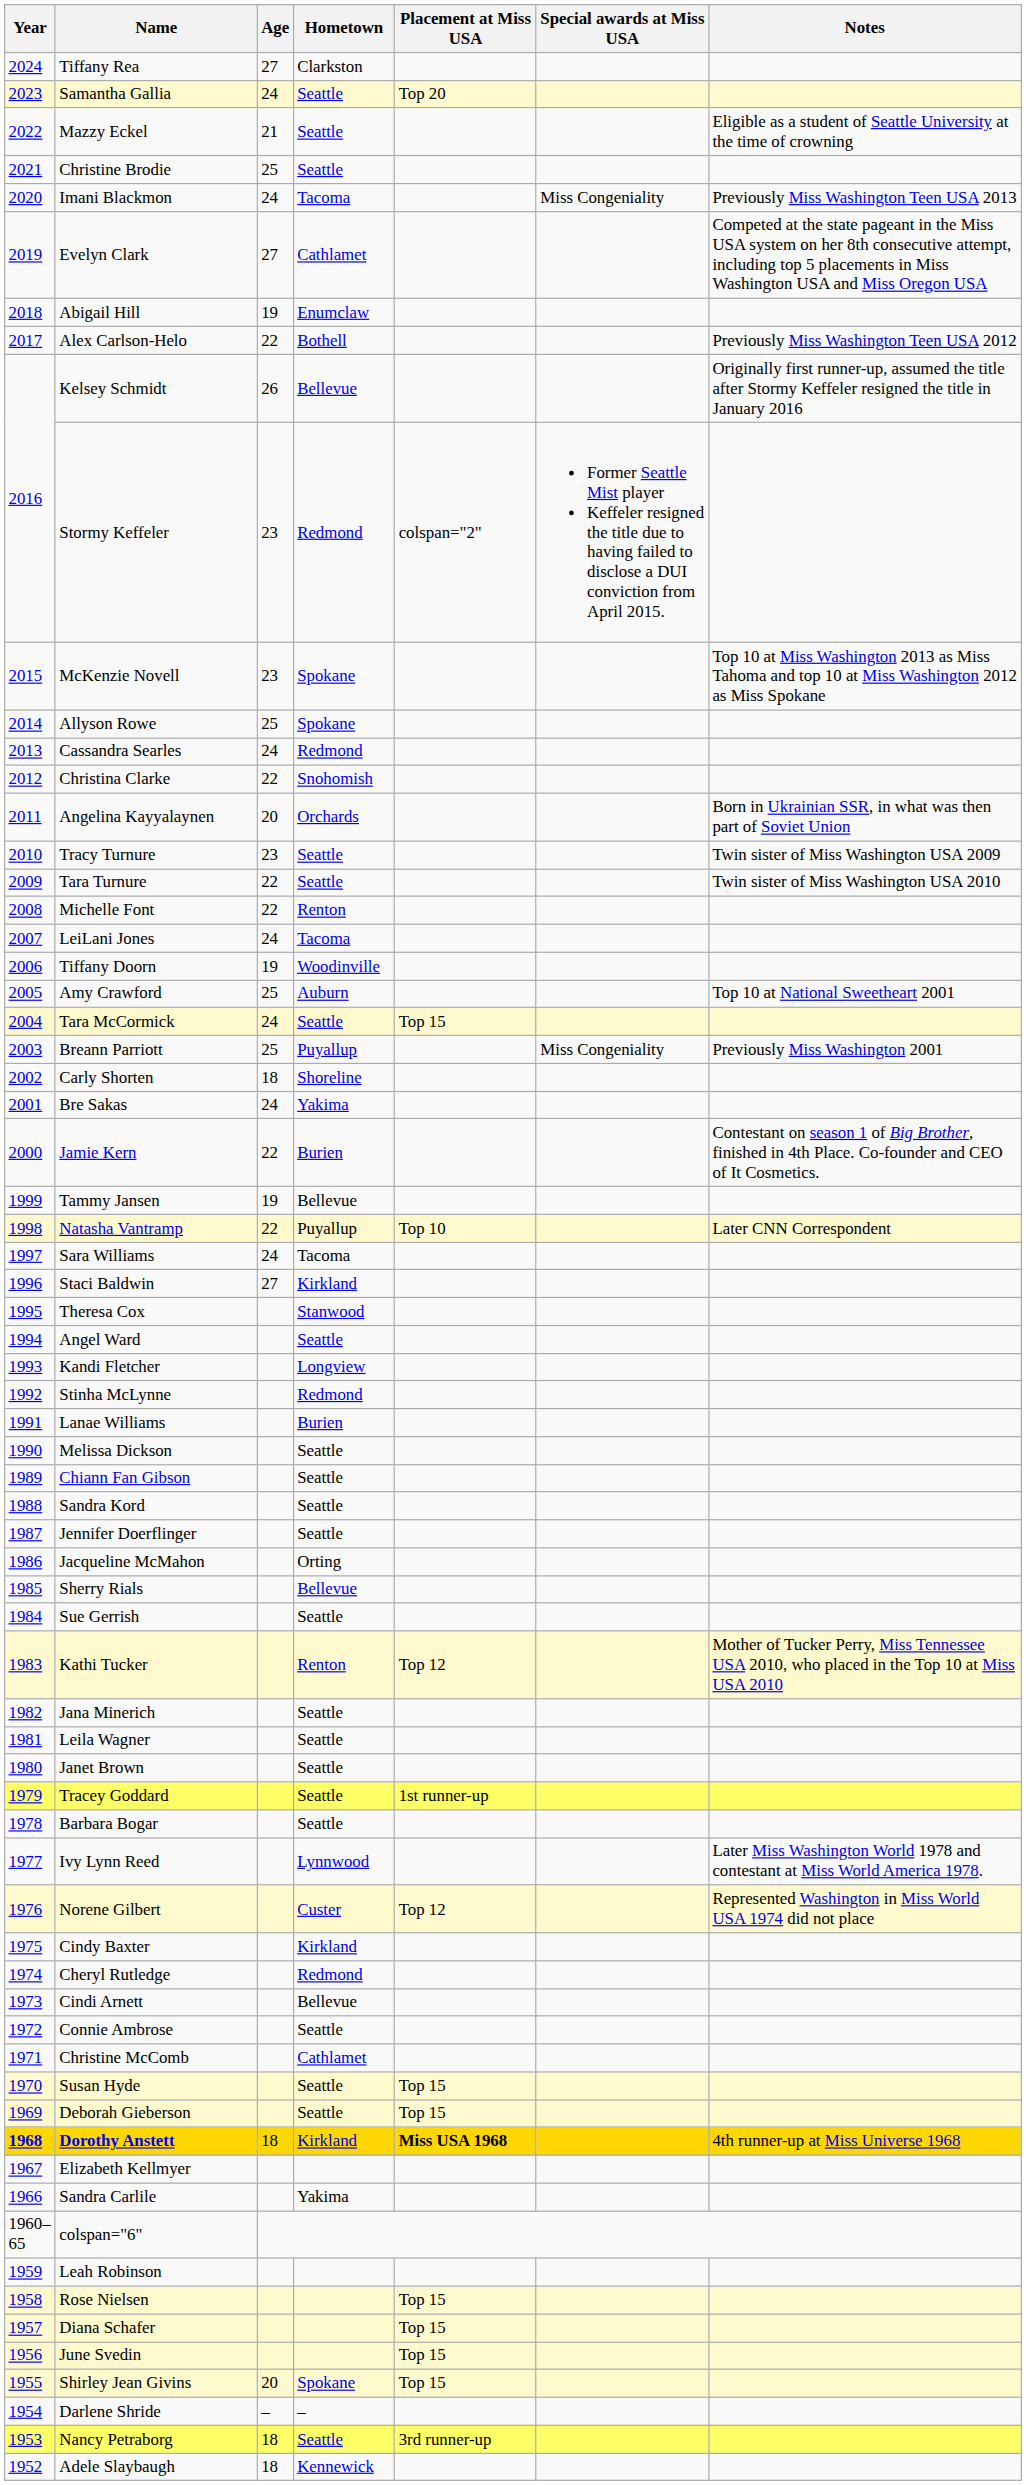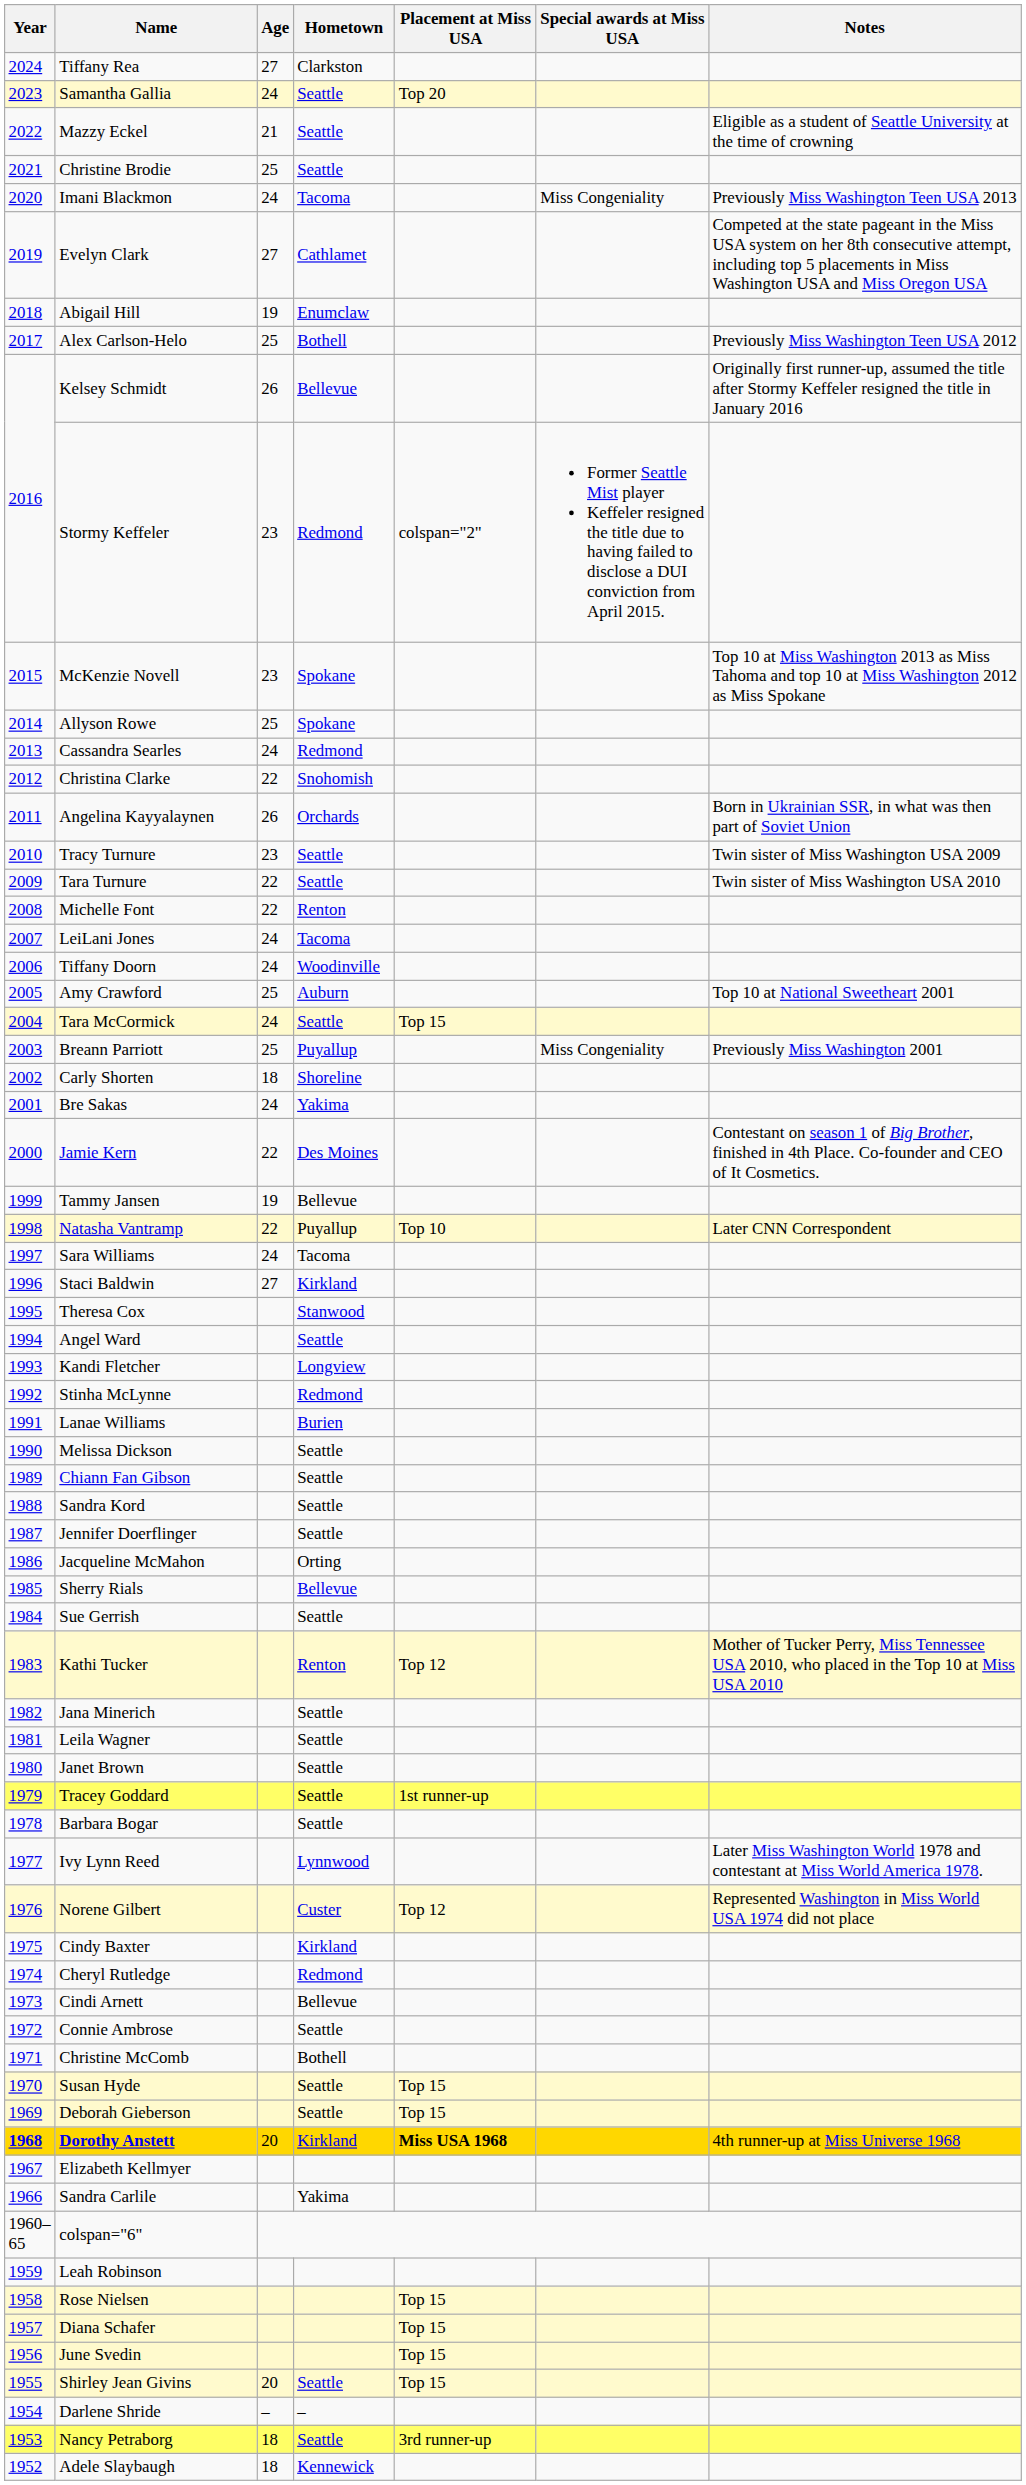 <table class="wikitable sortable"  style="font-size:90%;">
 <tr bgcolor="#efefef">
 <th width=5%>Year</th>
 <th width=20%>Name</th>
 <th width="3%">Age</th>
 <th width="10%">Hometown</th>
 <th width=14%>Placement at Miss USA</th>
 <th width=17%>Special awards at Miss USA</th>
 <th width=31%>Notes</th>
 </tr>
 <tr>
 <td><a href='#'>2024</a></td>
 <td>Tiffany Rea</td>
 <td>27</td>
 <td>Clarkston</td>
 <td></td>
 <td></td>
 <td></td>
 </tr>
 <tr style="background-color:#FFFACD;">
 <td><a href='#'>2023</a></td>
 <td>Samantha Gallia</td>
 <td>24</td>
 <td><a href='#'>Seattle</a></td>
 <td>Top 20</td>
 <td></td>
 <td></td>
 </tr>
 <tr>
 <td><a href='#'>2022</a></td>
 <td>Mazzy Eckel</td>
 <td>21</td>
 <td><a href='#'>Seattle</a></td>
 <td></td>
 <td></td>
 <td>Eligible as a student of <a href='#'>Seattle University</a> at the time of crowning</td>
 </tr>
 <tr>
 <td><a href='#'>2021</a></td>
 <td>Christine Brodie</td>
 <td>25</td>
 <td><a href='#'>Seattle</a></td>
 <td></td>
 <td></td>
 <td></td>
 </tr>
 <tr>
 <td><a href='#'>2020</a></td>
 <td>Imani Blackmon</td>
 <td>24</td>
 <td><a href='#'>Tacoma</a></td>
 <td></td>
 <td>Miss Congeniality</td>
 <td>Previously <a href='#'>Miss Washington Teen USA</a> 2013</td>
 </tr>
 <tr>
 <td><a href='#'>2019</a></td>
 <td>Evelyn Clark</td>
 <td>27</td>
 <td><a href='#'>Cathlamet</a></td>
 <td></td>
 <td></td>
 <td>Competed at the state pageant in the Miss USA system on her 8th consecutive attempt, including top 5 placements in Miss Washington USA and <a href='#'>Miss Oregon USA</a></td>
 </tr>
 <tr>
 <td><a href='#'>2018</a></td>
 <td>Abigail Hill</td>
 <td>19</td>
 <td><a href='#'>Enumclaw</a></td>
 <td></td>
 <td></td>
 <td></td>
 </tr>
 <tr>
 <td><a href='#'>2017</a></td>
 <td>Alex Carlson-Helo</td>
-<td>22</td>
+<td>25</td>
 <td><a href='#'>Bothell</a></td>
 <td></td>
 <td></td>
 <td>Previously <a href='#'>Miss Washington Teen USA</a> 2012</td>
 </tr>
 <tr>
 <td rowspan="2"><a href='#'>2016</a></td>
 <td>Kelsey Schmidt</td>
 <td>26</td>
 <td><a href='#'>Bellevue</a></td>
 <td></td>
 <td></td>
 <td>Originally first runner-up, assumed the title after Stormy Keffeler resigned the title in January 2016</td>
 </tr>
 <tr>
 <td>Stormy Keffeler</td>
 <td>23</td>
 <td><a href='#'>Redmond</a></td>
 <td>colspan="2" </td>
 <td><br><ul><li>Former <a href='#'>Seattle Mist</a> player</li><li>Keffeler resigned the title due to having failed to disclose a DUI conviction from April 2015.</li></ul></td>
 </tr>
 <tr>
 <td><a href='#'>2015</a></td>
 <td>McKenzie Novell</td>
 <td>23</td>
 <td><a href='#'>Spokane</a></td>
 <td></td>
 <td></td>
 <td>Top 10 at <a href='#'>Miss Washington</a> 2013 as Miss Tahoma and top 10 at <a href='#'>Miss Washington</a> 2012 as Miss Spokane</td>
 </tr>
 <tr>
 <td><a href='#'>2014</a></td>
 <td>Allyson Rowe</td>
 <td>25</td>
 <td><a href='#'>Spokane</a></td>
 <td></td>
 <td></td>
 <td></td>
 </tr>
 <tr>
 <td><a href='#'>2013</a></td>
 <td>Cassandra Searles</td>
 <td>24</td>
 <td><a href='#'>Redmond</a></td>
 <td></td>
 <td></td>
 <td></td>
 </tr>
 <tr>
 <td><a href='#'>2012</a></td>
 <td>Christina Clarke</td>
 <td>22</td>
 <td><a href='#'>Snohomish</a></td>
 <td></td>
 <td></td>
 <td></td>
 </tr>
 <tr>
 <td><a href='#'>2011</a></td>
 <td>Angelina Kayyalaynen</td>
-<td>20</td>
+<td>26</td>
 <td><a href='#'>Orchards</a></td>
 <td></td>
 <td></td>
 <td>Born in <a href='#'>Ukrainian SSR</a>, in what was then part of <a href='#'>Soviet Union</a></td>
 </tr>
 <tr>
 <td><a href='#'>2010</a></td>
 <td>Tracy Turnure</td>
 <td>23</td>
 <td><a href='#'>Seattle</a></td>
 <td></td>
 <td></td>
 <td>Twin sister of Miss Washington USA 2009</td>
 </tr>
 <tr>
 <td><a href='#'>2009</a></td>
 <td>Tara Turnure</td>
 <td>22</td>
 <td><a href='#'>Seattle</a></td>
 <td></td>
 <td></td>
 <td>Twin sister of Miss Washington USA 2010</td>
 </tr>
 <tr>
 <td><a href='#'>2008</a></td>
 <td>Michelle Font</td>
 <td>22</td>
 <td><a href='#'>Renton</a></td>
 <td></td>
 <td></td>
 <td></td>
 </tr>
 <tr>
 <td><a href='#'>2007</a></td>
 <td>LeiLani Jones</td>
 <td>24</td>
 <td><a href='#'>Tacoma</a></td>
 <td></td>
 <td></td>
 <td></td>
 </tr>
 <tr>
 <td><a href='#'>2006</a></td>
 <td>Tiffany Doorn</td>
-<td>19</td>
+<td>24</td>
 <td><a href='#'>Woodinville</a></td>
 <td></td>
 <td></td>
 <td></td>
 </tr>
 <tr>
 <td><a href='#'>2005</a></td>
 <td>Amy Crawford</td>
 <td>25</td>
 <td><a href='#'>Auburn</a></td>
 <td></td>
 <td></td>
 <td>Top 10 at <a href='#'>National Sweetheart</a> 2001</td>
 </tr>
 <tr style="background-color:#FFFACD;">
 <td><a href='#'>2004</a></td>
 <td>Tara McCormick</td>
 <td>24</td>
 <td><a href='#'>Seattle</a></td>
 <td>Top 15</td>
 <td></td>
 <td></td>
 </tr>
 <tr>
 <td><a href='#'>2003</a></td>
 <td>Breann Parriott</td>
 <td>25</td>
 <td><a href='#'>Puyallup</a></td>
 <td></td>
 <td>Miss Congeniality</td>
 <td>Previously <a href='#'>Miss Washington</a> 2001</td>
 </tr>
 <tr>
 <td><a href='#'>2002</a></td>
 <td>Carly Shorten</td>
 <td>18</td>
 <td><a href='#'>Shoreline</a></td>
 <td></td>
 <td></td>
 <td></td>
 </tr>
 <tr>
 <td><a href='#'>2001</a></td>
 <td>Bre Sakas</td>
 <td>24</td>
 <td><a href='#'>Yakima</a></td>
 <td></td>
 <td></td>
 <td></td>
 </tr>
 <tr>
 <td><a href='#'>2000</a></td>
 <td><a href='#'>Jamie Kern</a></td>
 <td>22</td>
-<td><a href='#'>Burien</a></td>
+<td><a href='#'>Des Moines</a></td>
 <td></td>
 <td></td>
 <td>Contestant on <a href='#'>season 1</a> of <em><a href='#'>Big Brother</a></em>, finished in 4th Place. Co-founder and CEO of It Cosmetics.</td>
 </tr>
 <tr>
 <td><a href='#'>1999</a></td>
 <td>Tammy Jansen</td>
 <td>19</td>
 <td>Bellevue</td>
 <td></td>
 <td></td>
 <td></td>
 </tr>
 <tr style="background-color:#FFFACD;">
 <td><a href='#'>1998</a></td>
 <td><a href='#'>Natasha Vantramp</a></td>
 <td>22</td>
 <td>Puyallup</td>
 <td>Top 10</td>
 <td></td>
 <td>Later CNN Correspondent</td>
 </tr>
 <tr>
 <td><a href='#'>1997</a></td>
 <td>Sara Williams</td>
 <td>24</td>
 <td>Tacoma</td>
 <td></td>
 <td></td>
 <td></td>
 </tr>
 <tr>
 <td><a href='#'>1996</a></td>
 <td>Staci Baldwin</td>
 <td>27</td>
 <td><a href='#'>Kirkland</a></td>
 <td></td>
 <td></td>
 <td></td>
 </tr>
 <tr>
 <td><a href='#'>1995</a></td>
 <td>Theresa Cox</td>
 <td></td>
 <td><a href='#'>Stanwood</a></td>
 <td></td>
 <td></td>
 <td></td>
 </tr>
 <tr>
 <td><a href='#'>1994</a></td>
 <td>Angel Ward</td>
 <td></td>
 <td><a href='#'>Seattle</a></td>
 <td></td>
 <td></td>
 <td></td>
 </tr>
 <tr>
 <td><a href='#'>1993</a></td>
 <td>Kandi Fletcher</td>
 <td></td>
 <td><a href='#'>Longview</a></td>
 <td></td>
 <td></td>
 <td></td>
 </tr>
 <tr>
 <td><a href='#'>1992</a></td>
 <td>Stinha McLynne</td>
 <td></td>
 <td><a href='#'>Redmond</a></td>
 <td></td>
 <td></td>
 <td></td>
 </tr>
 <tr>
 <td><a href='#'>1991</a></td>
 <td>Lanae Williams</td>
 <td></td>
 <td><a href='#'>Burien</a></td>
 <td></td>
 <td></td>
 <td></td>
 </tr>
 <tr>
 <td><a href='#'>1990</a></td>
 <td>Melissa Dickson</td>
 <td></td>
 <td>Seattle</td>
 <td></td>
 <td></td>
 <td></td>
 </tr>
 <tr>
 <td><a href='#'>1989</a></td>
 <td><a href='#'>Chiann Fan Gibson</a></td>
 <td></td>
 <td>Seattle</td>
 <td></td>
 <td></td>
 <td></td>
 </tr>
 <tr>
 <td><a href='#'>1988</a></td>
 <td>Sandra Kord</td>
 <td></td>
 <td>Seattle</td>
 <td></td>
 <td></td>
 <td></td>
 </tr>
 <tr>
 <td><a href='#'>1987</a></td>
 <td>Jennifer Doerflinger</td>
 <td></td>
 <td>Seattle</td>
 <td></td>
 <td></td>
 <td></td>
 </tr>
 <tr>
 <td><a href='#'>1986</a></td>
 <td>Jacqueline McMahon</td>
 <td></td>
 <td>Orting</td>
 <td></td>
 <td></td>
 <td></td>
 </tr>
 <tr>
 <td><a href='#'>1985</a></td>
 <td>Sherry Rials</td>
 <td></td>
 <td><a href='#'>Bellevue</a></td>
 <td></td>
 <td></td>
 <td></td>
 </tr>
 <tr>
 <td><a href='#'>1984</a></td>
 <td>Sue Gerrish</td>
 <td></td>
 <td>Seattle</td>
 <td></td>
 <td></td>
 <td></td>
 </tr>
 <tr style="background-color:#FFFACD;">
 <td><a href='#'>1983</a></td>
 <td>Kathi Tucker</td>
 <td></td>
 <td><a href='#'>Renton</a></td>
 <td>Top 12</td>
 <td></td>
 <td>Mother of Tucker Perry, <a href='#'>Miss Tennessee USA</a> 2010, who placed in the Top 10 at <a href='#'>Miss USA 2010</a></td>
 </tr>
 <tr>
 <td><a href='#'>1982</a></td>
 <td>Jana Minerich</td>
 <td></td>
 <td>Seattle</td>
 <td></td>
 <td></td>
 <td></td>
 </tr>
 <tr>
 <td><a href='#'>1981</a></td>
 <td>Leila Wagner</td>
 <td></td>
 <td>Seattle</td>
 <td></td>
 <td></td>
 <td></td>
 </tr>
 <tr>
 <td><a href='#'>1980</a></td>
 <td>Janet Brown</td>
 <td></td>
 <td>Seattle</td>
 <td></td>
 <td></td>
 <td></td>
 </tr>
 <tr style="background-color:#FFFF66;">
 <td><a href='#'>1979</a></td>
 <td>Tracey Goddard</td>
 <td></td>
 <td>Seattle</td>
 <td>1st runner-up</td>
 <td></td>
 <td></td>
 </tr>
 <tr>
 <td><a href='#'>1978</a></td>
 <td>Barbara Bogar</td>
 <td></td>
 <td>Seattle</td>
 <td></td>
 <td></td>
 <td></td>
 </tr>
 <tr>
 <td><a href='#'>1977</a></td>
 <td>Ivy Lynn Reed</td>
 <td></td>
 <td><a href='#'>Lynnwood</a></td>
 <td></td>
 <td></td>
 <td>Later <a href='#'>Miss Washington World</a> 1978 and contestant at <a href='#'>Miss World America 1978</a>.</td>
 </tr>
 <tr style="background-color:#FFFACD;">
 <td><a href='#'>1976</a></td>
 <td>Norene Gilbert</td>
 <td></td>
 <td><a href='#'>Custer</a></td>
 <td>Top 12</td>
 <td></td>
 <td>Represented <a href='#'>Washington</a> in <a href='#'>Miss World USA 1974</a> did not place</td>
 </tr>
 <tr>
 <td><a href='#'>1975</a></td>
 <td>Cindy Baxter</td>
 <td></td>
 <td><a href='#'>Kirkland</a></td>
 <td></td>
 <td></td>
 <td></td>
 </tr>
 <tr>
 <td><a href='#'>1974</a></td>
 <td>Cheryl Rutledge</td>
 <td></td>
 <td><a href='#'>Redmond</a></td>
 <td></td>
 <td></td>
 <td></td>
 </tr>
 <tr>
 <td><a href='#'>1973</a></td>
 <td>Cindi Arnett</td>
 <td></td>
 <td>Bellevue</td>
 <td></td>
 <td></td>
 <td></td>
 </tr>
 <tr>
 <td><a href='#'>1972</a></td>
 <td>Connie Ambrose</td>
 <td></td>
 <td>Seattle</td>
 <td></td>
 <td></td>
 <td></td>
 </tr>
 <tr>
 <td><a href='#'>1971</a></td>
 <td>Christine McComb</td>
 <td></td>
-<td><a href='#'>Cathlamet</a></td>
+<td>Bothell</td>
 <td></td>
 <td></td>
 <td></td>
 </tr>
 <tr style="background-color:#FFFACD;">
 <td><a href='#'>1970</a></td>
 <td>Susan Hyde</td>
 <td></td>
 <td>Seattle</td>
 <td>Top 15</td>
 <td></td>
 <td></td>
 </tr>
 <tr style="background-color:#FFFACD;">
 <td><a href='#'>1969</a></td>
 <td>Deborah Gieberson</td>
 <td></td>
 <td>Seattle</td>
 <td>Top 15</td>
 <td></td>
 <td></td>
 </tr>
 <tr style="background-color:gold;">
 <td><strong><a href='#'>1968</a></strong></td>
 <td><strong><a href='#'>Dorothy Anstett</a></strong></td>
-<td>18</td>
+<td>20</td>
 <td><a href='#'>Kirkland</a></td>
 <td><strong>Miss USA 1968</strong></td>
 <td></td>
 <td>4th runner-up at <a href='#'>Miss Universe 1968</a></td>
 </tr>
 <tr>
 <td><a href='#'>1967</a></td>
 <td>Elizabeth Kellmyer</td>
 <td></td>
 <td></td>
 <td></td>
 <td></td>
 <td></td>
 </tr>
 <tr>
 <td><a href='#'>1966</a></td>
 <td>Sandra Carlile</td>
 <td></td>
 <td>Yakima</td>
 <td></td>
 <td></td>
 <td></td>
 </tr>
 <tr>
 <td>1960–65</td>
 <td>colspan="6" </td>
 </tr>
 <tr>
 <td><a href='#'>1959</a></td>
 <td>Leah Robinson</td>
 <td></td>
 <td></td>
 <td></td>
 <td></td>
 <td></td>
 </tr>
 <tr style="background-color:#FFFACD;">
 <td><a href='#'>1958</a></td>
 <td>Rose Nielsen</td>
 <td></td>
 <td></td>
 <td>Top 15</td>
 <td></td>
 <td></td>
 </tr>
 <tr style="background-color:#FFFACD;">
 <td><a href='#'>1957</a></td>
 <td>Diana Schafer</td>
 <td></td>
 <td></td>
 <td>Top 15</td>
 <td></td>
 <td></td>
 </tr>
 <tr style="background-color:#FFFACD;">
 <td><a href='#'>1956</a></td>
 <td>June Svedin</td>
 <td></td>
 <td></td>
 <td>Top 15</td>
 <td></td>
 <td></td>
 </tr>
 <tr style="background-color:#FFFACD;">
 <td><a href='#'>1955</a></td>
 <td>Shirley Jean Givins</td>
 <td>20</td>
-<td><a href='#'>Spokane</a></td>
+<td><a href='#'>Seattle</a></td>
 <td>Top 15</td>
 <td></td>
 <td></td>
 </tr>
 <tr>
 <td><a href='#'>1954</a></td>
 <td>Darlene Shride</td>
 <td>–</td>
 <td>–</td>
 <td></td>
 <td></td>
 <td></td>
 </tr>
 <tr style="background-color:#FFFF66;">
 <td><a href='#'>1953</a></td>
 <td>Nancy Petraborg</td>
 <td>18</td>
 <td><a href='#'>Seattle</a></td>
 <td>3rd runner-up</td>
 <td></td>
 <td></td>
 </tr>
 <tr>
 <td><a href='#'>1952</a></td>
 <td>Adele Slaybaugh</td>
 <td>18</td>
 <td><a href='#'>Kennewick</a></td>
 <td></td>
 <td></td>
 <td></td>
 </tr>
 </table>
